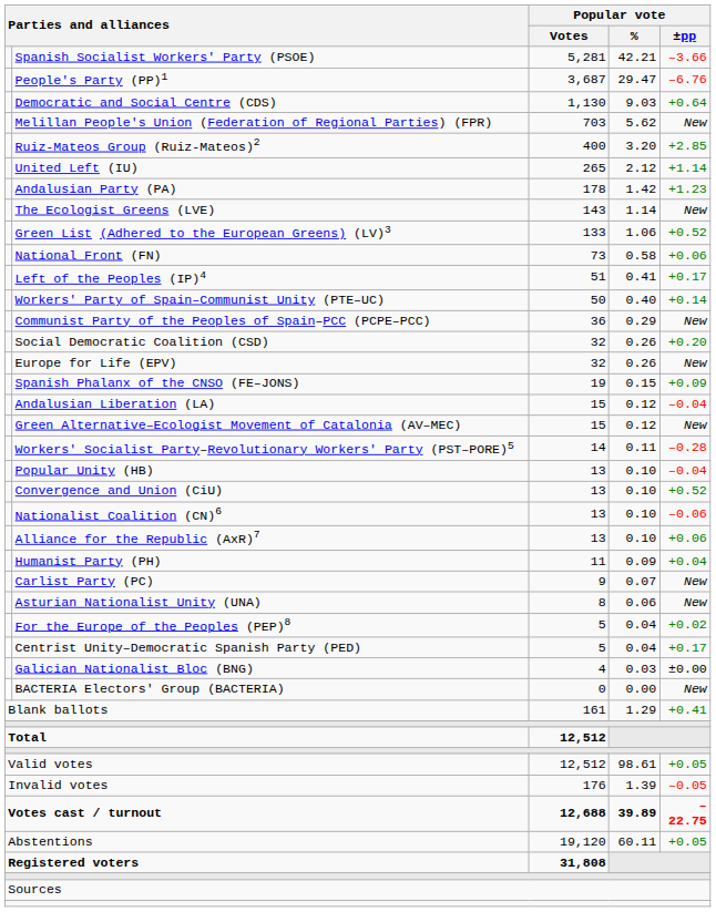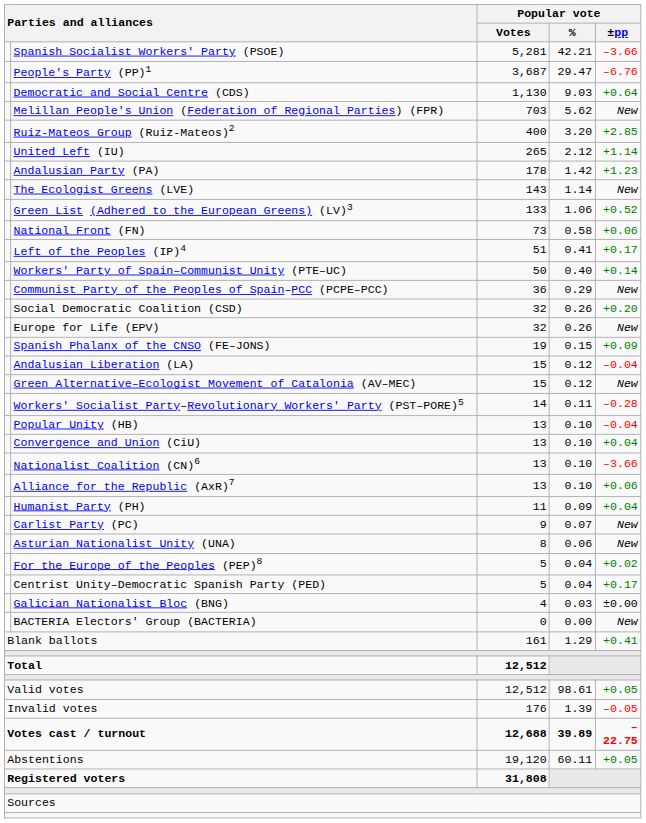 <table class="wikitable" style="text-align:right">
 <tr>
 <th style="text-align:left;" rowspan="2" colspan="2" width="525">Parties and alliances</th>
 <th colspan="3">Popular vote</th>
 </tr>
 <tr>
 <th width="75">Votes</th>
 <th width="45">%</th>
 <th width="45">±<a href='#'>pp</a></th>
 </tr>
 <tr>
 <td width="1" style="color:inherit;background:"></td>
 <td align="left"><a href='#'>Spanish Socialist Workers' Party</a> (PSOE)</td>
 <td>5,281</td>
 <td>42.21</td>
 <td style="color:red;">–3.66</td>
 </tr>
 <tr>
 <td style="color:inherit;background:"></td>
 <td align="left"><a href='#'>People's Party</a> (PP)<sup>1</sup></td>
 <td>3,687</td>
 <td>29.47</td>
 <td style="color:red;">–6.76</td>
 </tr>
 <tr>
 <td style="color:inherit;background:"></td>
 <td align="left"><a href='#'>Democratic and Social Centre</a> (CDS)</td>
 <td>1,130</td>
 <td>9.03</td>
 <td style="color:green;">+0.64</td>
 </tr>
 <tr>
 <td style="color:inherit;background:"></td>
 <td align="left"><a href='#'>Melillan People's Union</a> (<a href='#'>Federation of Regional Parties</a>) (FPR)</td>
 <td>703</td>
 <td>5.62</td>
 <td><em>New</em></td>
 </tr>
 <tr>
 <td style="color:inherit;background:"></td>
 <td align="left"><a href='#'>Ruiz-Mateos Group</a> (Ruiz-Mateos)<sup>2</sup></td>
 <td>400</td>
 <td>3.20</td>
 <td style="color:green;">+2.85</td>
 </tr>
 <tr>
 <td style="color:inherit;background:"></td>
 <td align="left"><a href='#'>United Left</a> (IU)</td>
 <td>265</td>
 <td>2.12</td>
 <td style="color:green;">+1.14</td>
 </tr>
 <tr>
 <td style="color:inherit;background:"></td>
 <td align="left"><a href='#'>Andalusian Party</a> (PA)</td>
 <td>178</td>
 <td>1.42</td>
 <td style="color:green;">+1.23</td>
 </tr>
 <tr>
 <td style="color:inherit;background:"></td>
 <td align="left"><a href='#'>The Ecologist Greens</a> (LVE)</td>
 <td>143</td>
 <td>1.14</td>
 <td><em>New</em></td>
 </tr>
 <tr>
 <td style="color:inherit;background:"></td>
 <td align="left"><a href='#'>Green List</a> <a href='#'>(Adhered to the European Greens)</a> (LV)<sup>3</sup></td>
 <td>133</td>
 <td>1.06</td>
 <td style="color:green;">+0.52</td>
 </tr>
 <tr>
 <td style="color:inherit;background:"></td>
 <td align="left"><a href='#'>National Front</a> (FN)</td>
 <td>73</td>
 <td>0.58</td>
 <td style="color:green;">+0.06</td>
 </tr>
 <tr>
 <td style="color:inherit;background:"></td>
 <td align="left"><a href='#'>Left of the Peoples</a> (IP)<sup>4</sup></td>
 <td>51</td>
 <td>0.41</td>
 <td style="color:green;">+0.17</td>
 </tr>
 <tr>
 <td style="color:inherit;background:"></td>
 <td align="left"><a href='#'>Workers' Party of Spain–Communist Unity</a> (PTE–UC)</td>
 <td>50</td>
 <td>0.40</td>
 <td style="color:green;">+0.14</td>
 </tr>
 <tr>
 <td style="color:inherit;background:"></td>
 <td align="left"><a href='#'>Communist Party of the Peoples of Spain</a>–<a href='#'>PCC</a> (PCPE–PCC)</td>
 <td>36</td>
 <td>0.29</td>
 <td><em>New</em></td>
 </tr>
 <tr>
 <td style="color:inherit;background:"></td>
 <td align="left">Social Democratic Coalition (CSD)</td>
 <td>32</td>
 <td>0.26</td>
 <td style="color:green;">+0.20</td>
 </tr>
 <tr>
 <td bgcolor="white"></td>
 <td align="left">Europe for Life (EPV)</td>
 <td>32</td>
 <td>0.26</td>
 <td><em>New</em></td>
 </tr>
 <tr>
 <td style="color:inherit;background:"></td>
 <td align="left"><a href='#'>Spanish Phalanx of the CNSO</a> (FE–JONS)</td>
 <td>19</td>
 <td>0.15</td>
 <td style="color:green;">+0.09</td>
 </tr>
 <tr>
 <td style="color:inherit;background:"></td>
 <td align="left"><a href='#'>Andalusian Liberation</a> (LA)</td>
 <td>15</td>
 <td>0.12</td>
 <td style="color:red;">–0.04</td>
 </tr>
 <tr>
 <td style="color:inherit;background:"></td>
 <td align="left"><a href='#'>Green Alternative–Ecologist Movement of Catalonia</a> (AV–MEC)</td>
 <td>15</td>
 <td>0.12</td>
 <td><em>New</em></td>
 </tr>
 <tr>
 <td style="color:inherit;background:"></td>
 <td align="left"><a href='#'>Workers' Socialist Party</a>–<a href='#'>Revolutionary Workers' Party</a> (PST–PORE)<sup>5</sup></td>
 <td>14</td>
 <td>0.11</td>
 <td style="color:red;">–0.28</td>
 </tr>
 <tr>
 <td style="color:inherit;background:"></td>
 <td align="left"><a href='#'>Popular Unity</a> (HB)</td>
 <td>13</td>
 <td>0.10</td>
 <td style="color:red;">–0.04</td>
 </tr>
 <tr>
 <td style="color:inherit;background:"></td>
 <td align="left"><a href='#'>Convergence and Union</a> (CiU)</td>
 <td>13</td>
 <td>0.10</td>
-<td style="color:green;">+0.52</td>
+<td style="color:green;">+0.04</td>
 </tr>
 <tr>
 <td style="color:inherit;background:"></td>
 <td align="left"><a href='#'>Nationalist Coalition</a> (CN)<sup>6</sup></td>
 <td>13</td>
 <td>0.10</td>
-<td style="color:red;">–0.06</td>
+<td style="color:red;">–3.66</td>
 </tr>
 <tr>
 <td style="color:inherit;background:"></td>
 <td align="left"><a href='#'>Alliance for the Republic</a> (AxR)<sup>7</sup></td>
 <td>13</td>
 <td>0.10</td>
 <td style="color:green;">+0.06</td>
 </tr>
 <tr>
 <td style="color:inherit;background:"></td>
 <td align="left"><a href='#'>Humanist Party</a> (PH)</td>
 <td>11</td>
 <td>0.09</td>
 <td style="color:green;">+0.04</td>
 </tr>
 <tr>
 <td style="color:inherit;background:"></td>
 <td align="left"><a href='#'>Carlist Party</a> (PC)</td>
 <td>9</td>
 <td>0.07</td>
 <td><em>New</em></td>
 </tr>
 <tr>
 <td style="color:inherit;background:"></td>
 <td align="left"><a href='#'>Asturian Nationalist Unity</a> (UNA)</td>
 <td>8</td>
 <td>0.06</td>
 <td><em>New</em></td>
 </tr>
 <tr>
 <td style="color:inherit;background:"></td>
 <td align="left"><a href='#'>For the Europe of the Peoples</a> (PEP)<sup>8</sup></td>
 <td>5</td>
 <td>0.04</td>
 <td style="color:green;">+0.02</td>
 </tr>
 <tr>
 <td bgcolor="white"></td>
 <td align="left">Centrist Unity–Democratic Spanish Party (PED)</td>
 <td>5</td>
 <td>0.04</td>
 <td style="color:green;">+0.17</td>
 </tr>
 <tr>
 <td style="color:inherit;background:"></td>
 <td align="left"><a href='#'>Galician Nationalist Bloc</a> (BNG)</td>
 <td>4</td>
 <td>0.03</td>
 <td>±0.00</td>
 </tr>
 <tr>
 <td bgcolor="white"></td>
 <td align="left">BACTERIA Electors' Group (BACTERIA)</td>
 <td>0</td>
 <td>0.00</td>
 <td><em>New</em></td>
 </tr>
 <tr>
 <td align="left" colspan="2">Blank ballots</td>
 <td>161</td>
 <td>1.29</td>
 <td style="color:green;">+0.41</td>
 </tr>
 <tr>
 <td colspan="5" bgcolor="#E9E9E9"></td>
 </tr>
 <tr style="font-weight:bold;">
 <td align="left" colspan="2">Total</td>
 <td>12,512</td>
 <td bgcolor="#E9E9E9" colspan="2"></td>
 </tr>
 <tr>
 <td colspan="5" bgcolor="#E9E9E9"></td>
 </tr>
 <tr>
 <td align="left" colspan="2">Valid votes</td>
 <td>12,512</td>
 <td>98.61</td>
 <td style="color:green;">+0.05</td>
 </tr>
 <tr>
 <td align="left" colspan="2">Invalid votes</td>
 <td>176</td>
 <td>1.39</td>
 <td style="color:red;">–0.05</td>
 </tr>
 <tr style="font-weight:bold;">
 <td align="left" colspan="2">Votes cast / turnout</td>
 <td>12,688</td>
 <td>39.89</td>
 <td style="color:red;">–22.75</td>
 </tr>
 <tr>
 <td align="left" colspan="2">Abstentions</td>
 <td>19,120</td>
 <td>60.11</td>
 <td style="color:green;">+0.05</td>
 </tr>
 <tr style="font-weight:bold;">
 <td align="left" colspan="2">Registered voters</td>
 <td>31,808</td>
 <td bgcolor="#E9E9E9" colspan="2"></td>
 </tr>
 <tr>
 <td colspan="5" bgcolor="#E9E9E9"></td>
 </tr>
 <tr>
 <td align="left" colspan="5">Sources</td>
 </tr>
 <tr>
 <td colspan="5" style="text-align:left; max-width:680px;"></td>
 </tr>
 </table>
